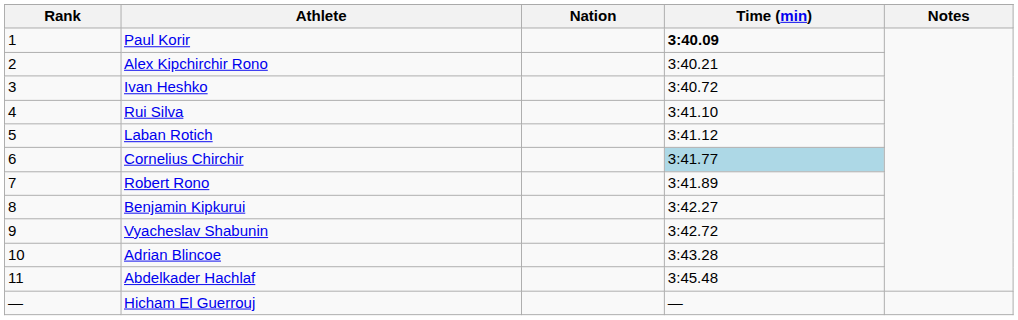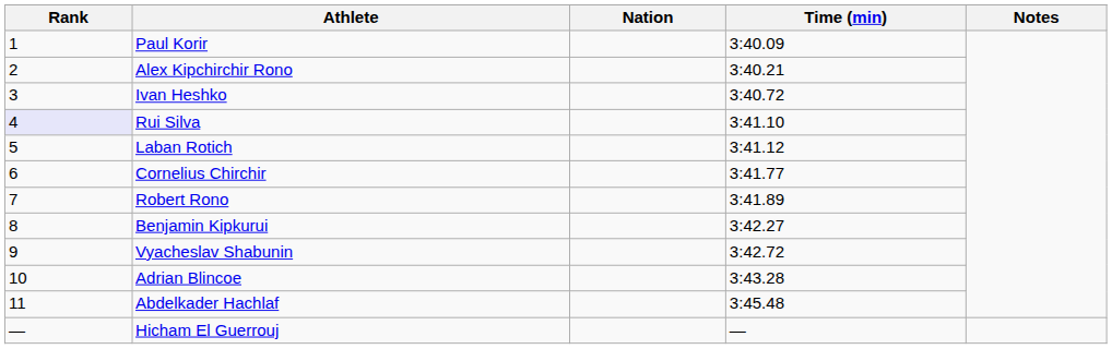 <table class="wikitable" width=85%>
 <tr>
 </tr>
 <tr>
 <th>Rank</th>
 <th>Athlete</th>
 <th>Nation</th>
 <th>Time (<a href='#'>min</a>)</th>
 <th>Notes</th>
 </tr>
 <tr>
 <td>1</td>
 <td><a href='#'>Paul Korir</a></td>
 <td></td>
-<td><strong>3:40.09</strong></td>
+<td>3:40.09</td>
 </tr>
 <tr>
 <td>2</td>
 <td><a href='#'>Alex Kipchirchir Rono</a></td>
 <td></td>
 <td>3:40.21</td>
 </tr>
 <tr>
 <td>3</td>
 <td><a href='#'>Ivan Heshko</a></td>
 <td></td>
 <td>3:40.72</td>
 </tr>
 <tr>
-<td>4</td>
+<td style="background: lavender;">4</td>
 <td><a href='#'>Rui Silva</a></td>
 <td></td>
 <td>3:41.10</td>
 </tr>
 <tr>
 <td>5</td>
 <td><a href='#'>Laban Rotich</a></td>
 <td></td>
 <td>3:41.12</td>
 </tr>
 <tr>
 <td>6</td>
 <td><a href='#'>Cornelius Chirchir</a></td>
 <td></td>
-<td style="background: lightblue;">3:41.77</td>
+<td>3:41.77</td>
 </tr>
 <tr>
 <td>7</td>
 <td><a href='#'>Robert Rono</a></td>
 <td></td>
 <td>3:41.89</td>
 </tr>
 <tr>
 <td>8</td>
 <td><a href='#'>Benjamin Kipkurui</a></td>
 <td></td>
 <td>3:42.27</td>
 </tr>
 <tr>
 <td>9</td>
 <td><a href='#'>Vyacheslav Shabunin</a></td>
 <td></td>
 <td>3:42.72</td>
 </tr>
 <tr>
 <td>10</td>
 <td><a href='#'>Adrian Blincoe</a></td>
 <td></td>
 <td>3:43.28</td>
 </tr>
 <tr>
 <td>11</td>
 <td><a href='#'>Abdelkader Hachlaf</a></td>
 <td></td>
 <td>3:45.48</td>
 </tr>
 <tr>
 <td>—</td>
 <td><a href='#'>Hicham El Guerrouj</a></td>
 <td></td>
 <td>—</td>
 <td></td>
 </tr>
 </table>
